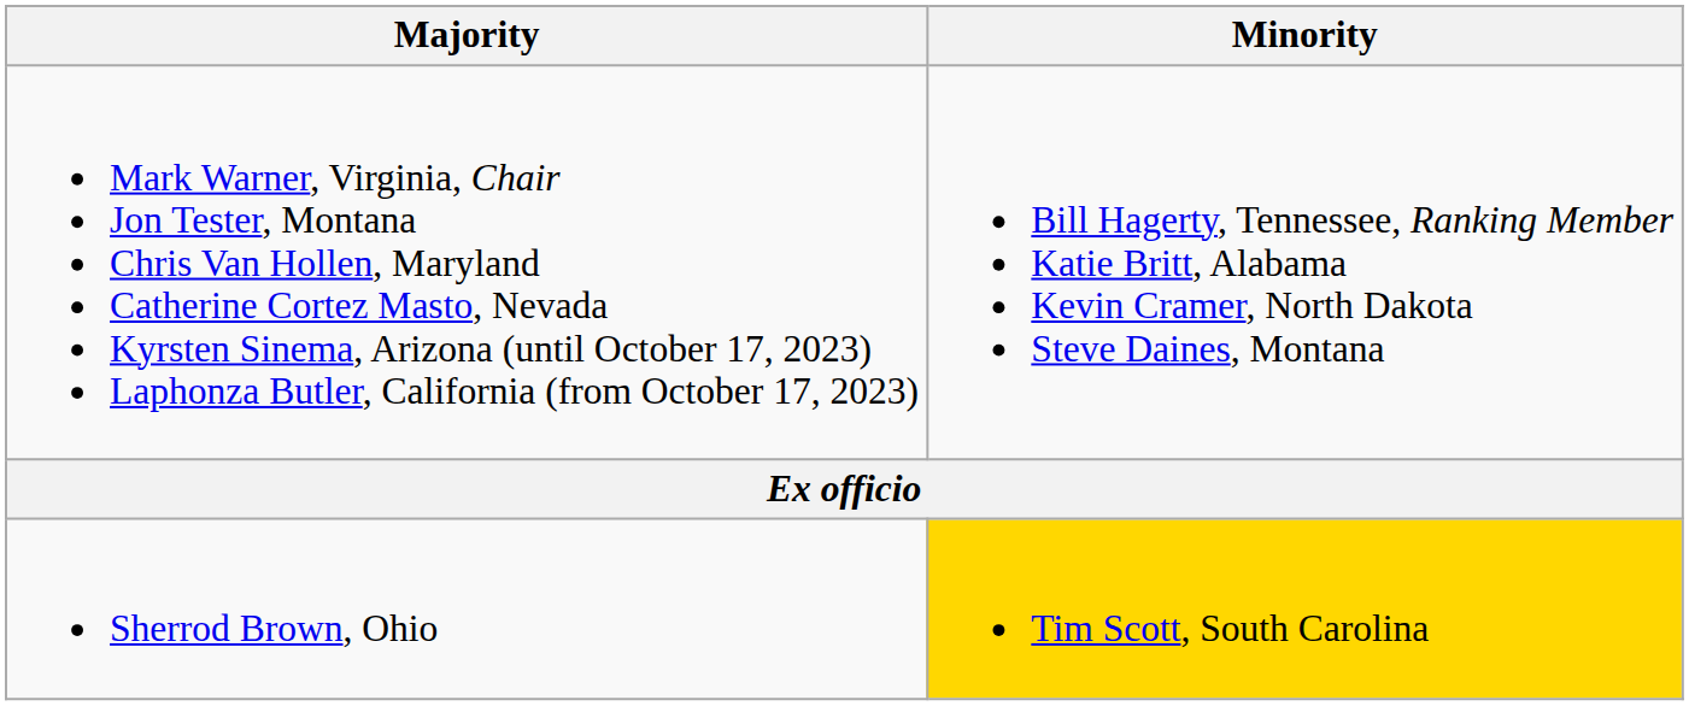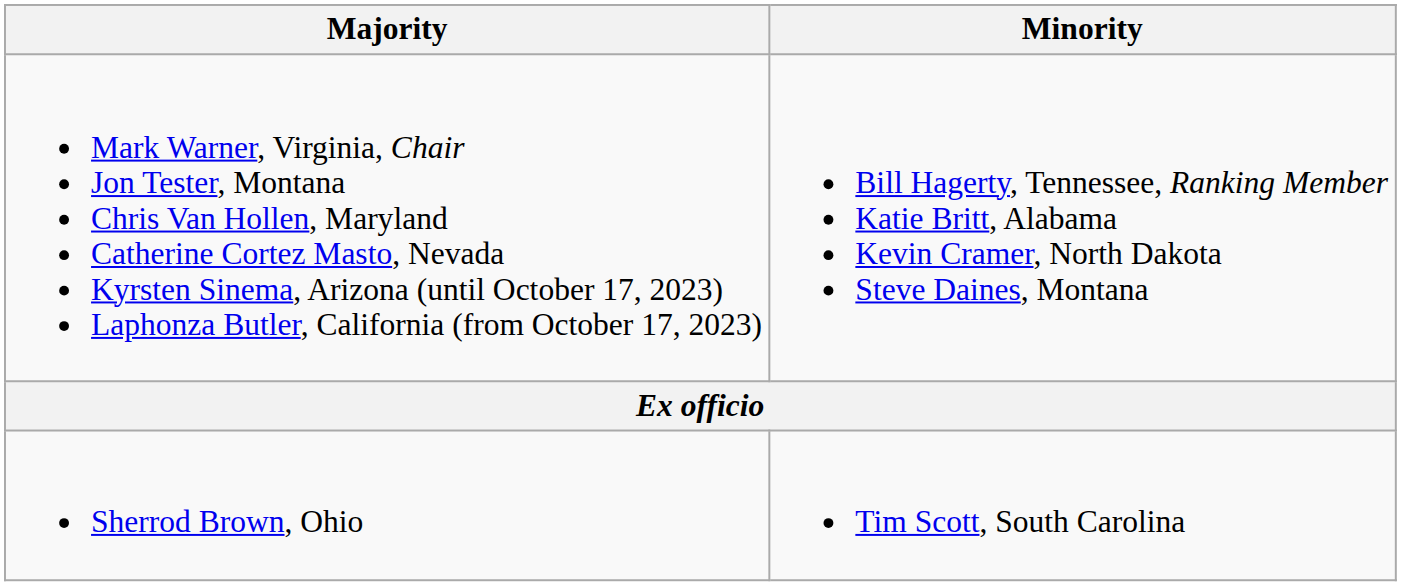 <table class=wikitable>
 <tr>
 <th>Majority </th>
 <th>Minority </th>
 </tr>
 <tr>
 <td><br><ul><li><a href='#'>Mark Warner</a>, Virginia, <em>Chair</em></li><li><a href='#'>Jon Tester</a>, Montana</li><li><a href='#'>Chris Van Hollen</a>, Maryland</li><li><a href='#'>Catherine Cortez Masto</a>, Nevada</li><li><span><a href='#'>Kyrsten Sinema</a>, Arizona (until October 17, 2023)</span></li><li><a href='#'>Laphonza Butler</a>, California (from October 17, 2023)</li></ul></td>
 <td><br><ul><li><a href='#'>Bill Hagerty</a>, Tennessee, <em>Ranking Member</em></li><li><a href='#'>Katie Britt</a>, Alabama</li><li><a href='#'>Kevin Cramer</a>, North Dakota</li><li><a href='#'>Steve Daines</a>, Montana</li></ul></td>
 </tr>
 <tr>
 <th colspan=2><em>Ex officio</em> </th>
 </tr>
 <tr>
 <td><br><ul><li><a href='#'>Sherrod Brown</a>, Ohio</li></ul></td>
-<td style="background: gold;"><br><ul><li><a href='#'>Tim Scott</a>, South Carolina</li></ul></td>
+<td><br><ul><li><a href='#'>Tim Scott</a>, South Carolina</li></ul></td>
 </tr>
 </table>
